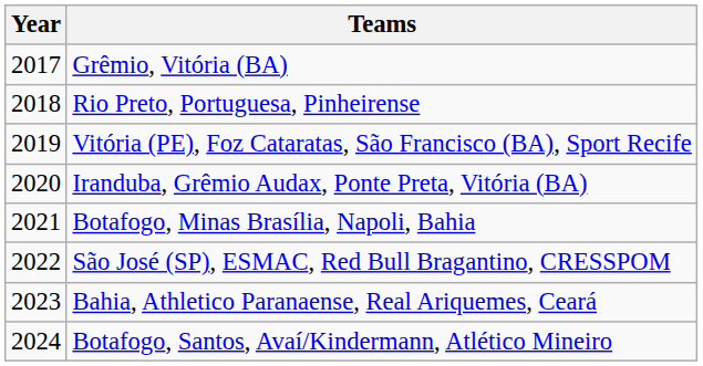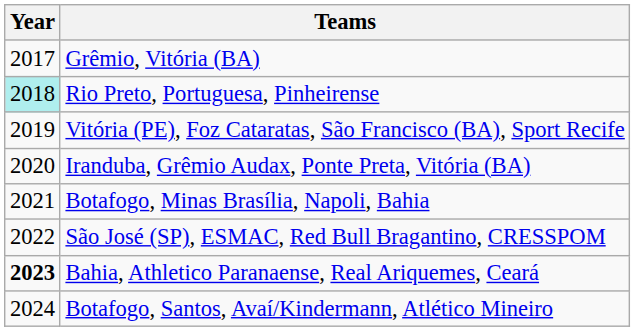 <table class="wikitable">
 <tr>
 <th>Year</th>
 <th>Teams</th>
 </tr>
 <tr>
 <td>2017</td>
 <td><a href='#'>Grêmio</a>, <a href='#'>Vitória (BA)</a></td>
 </tr>
 <tr>
-<td>2018</td>
+<td style="background: paleturquoise;">2018</td>
 <td><a href='#'>Rio Preto</a>, <a href='#'>Portuguesa</a>, <a href='#'>Pinheirense</a></td>
 </tr>
 <tr>
 <td>2019</td>
 <td><a href='#'>Vitória (PE)</a>, <a href='#'>Foz Cataratas</a>, <a href='#'>São Francisco (BA)</a>, <a href='#'>Sport Recife</a></td>
 </tr>
 <tr>
 <td>2020</td>
 <td><a href='#'>Iranduba</a>, <a href='#'>Grêmio Audax</a>, <a href='#'>Ponte Preta</a>, <a href='#'>Vitória (BA)</a></td>
 </tr>
 <tr>
 <td>2021</td>
 <td><a href='#'>Botafogo</a>, <a href='#'>Minas Brasília</a>, <a href='#'>Napoli</a>, <a href='#'>Bahia</a></td>
 </tr>
 <tr>
 <td>2022</td>
 <td><a href='#'>São José (SP)</a>, <a href='#'>ESMAC</a>, <a href='#'>Red Bull Bragantino</a>, <a href='#'>CRESSPOM</a></td>
 </tr>
 <tr>
-<td>2023</td>
+<td><strong>2023</strong></td>
 <td><a href='#'>Bahia</a>, <a href='#'>Athletico Paranaense</a>, <a href='#'>Real Ariquemes</a>, <a href='#'>Ceará</a></td>
 </tr>
 <tr>
 <td>2024</td>
 <td><a href='#'>Botafogo</a>, <a href='#'>Santos</a>, <a href='#'>Avaí/Kindermann</a>, <a href='#'>Atlético Mineiro</a></td>
 </tr>
 </table>
